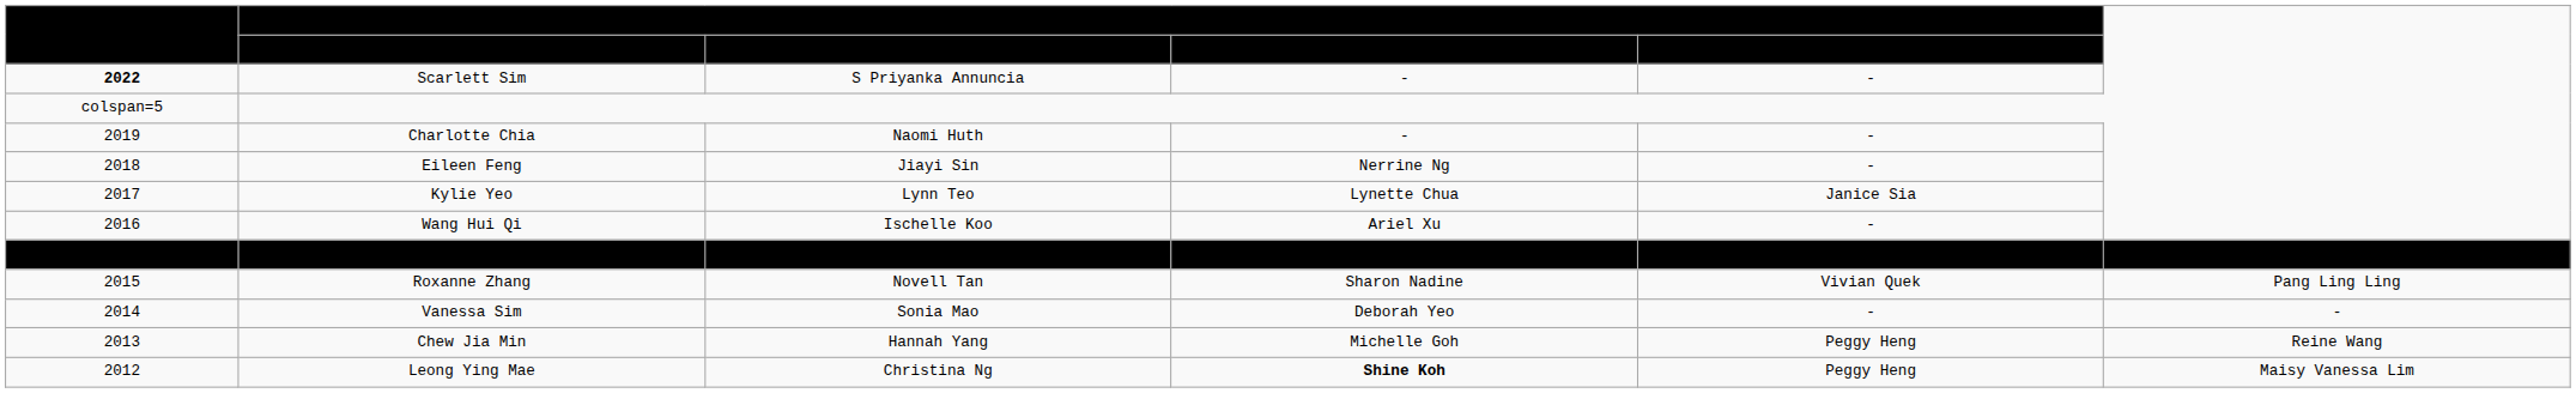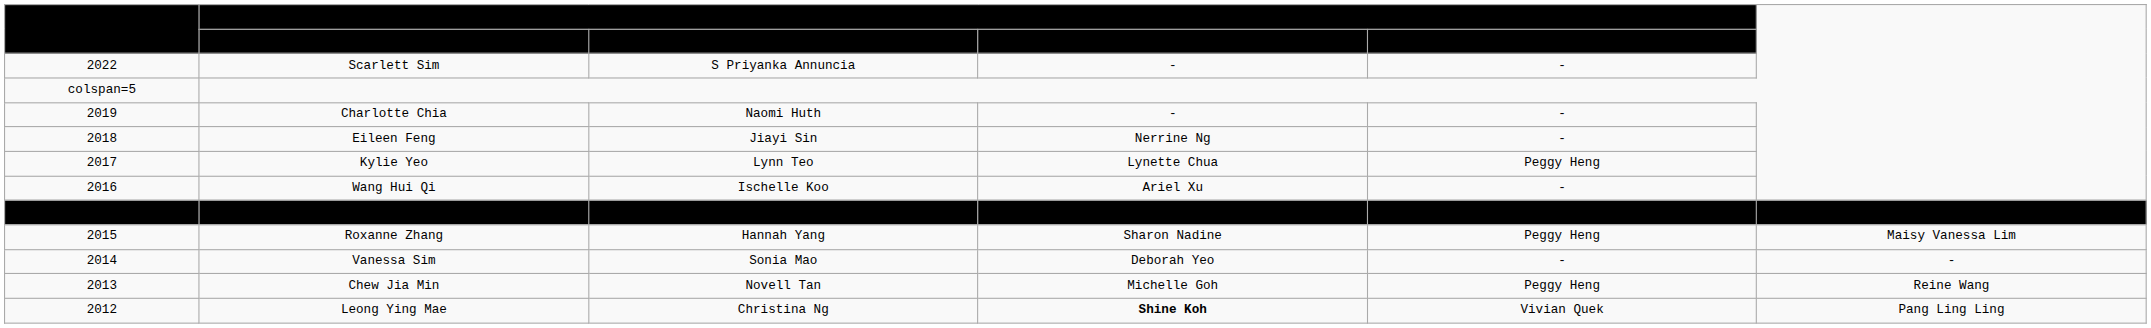 <table class="wikitable" style="text-align:center; font-size:90%; line-height:17px; width:100%;">
 <tr>
 <th style="background:black; width:05%;" scope="col" rowspan="2"><span>Year</span></th>
 <th colspan="4" style="background:black; width:05%;" scope="col"><span>Miss International Singapore Elemental Court Titlists</span></th>
 </tr>
 <tr>
 <th style="background:black; width:10%;" scope="col"><span>International</span></th>
 <th style="background:black; width:10%;" scope="col"><span>Supranational</span></th>
 <th style="background:black; width:9.3%;" scope="col"><span>Asia Pacific International</span></th>
 <th style="background:black; width:9.3%;" scope="col"><span>Tourism Queen of the Year International</span></th>
 </tr>
 <tr>
-<td><strong>2022</strong></td>
+<td>2022</td>
 <td>Scarlett Sim</td>
 <td>S Priyanka Annuncia</td>
 <td>-</td>
 <td>-</td>
 </tr>
 <tr>
 <td>colspan=5 </td>
 </tr>
 <tr>
 <td>2019</td>
 <td>Charlotte Chia</td>
 <td>Naomi Huth</td>
 <td>-</td>
 <td>-</td>
 </tr>
 <tr>
 <td>2018</td>
 <td>Eileen Feng</td>
 <td>Jiayi Sin</td>
 <td>Nerrine Ng</td>
 <td>-</td>
 </tr>
 <tr>
 <td>2017</td>
 <td>Kylie Yeo</td>
 <td>Lynn Teo</td>
 <td>Lynette Chua</td>
-<td>Janice Sia</td>
+<td>Peggy Heng</td>
 </tr>
 <tr>
 <td>2016</td>
 <td>Wang Hui Qi</td>
 <td>Ischelle Koo</td>
 <td>Ariel Xu</td>
 <td>-</td>
 </tr>
 <tr>
 <th style="background:black; width:05%;" scope="col"><span>Year</span></th>
 <th style="background:black; width:10%;" scope="col"><span>International</span></th>
 <th style="background:black; width:10%;" scope="col"><span>First Runner-up</span></th>
 <th style="background:black; width:10%;" scope="col"><span>Second Runner-up</span></th>
 <th style="background:black; width:10%;" scope="col"><span>Third Runner-up</span></th>
 <th style="background:black; width:10%;" scope="col"><span>Fourth Runner-up</span></th>
 </tr>
 <tr>
 <td>2015</td>
 <td>Roxanne Zhang</td>
-<td>Novell Tan</td>
+<td>Hannah Yang</td>
 <td>Sharon Nadine</td>
-<td>Vivian Quek</td>
-<td>Pang Ling Ling</td>
+<td>Peggy Heng</td>
+<td>Maisy Vanessa Lim</td>
 </tr>
 <tr>
 <td>2014</td>
 <td>Vanessa Sim</td>
 <td>Sonia Mao</td>
 <td>Deborah Yeo</td>
 <td>-</td>
 <td>-</td>
 </tr>
 <tr>
 <td>2013</td>
 <td>Chew Jia Min</td>
-<td>Hannah Yang</td>
+<td>Novell Tan</td>
 <td>Michelle Goh</td>
 <td>Peggy Heng</td>
 <td>Reine Wang</td>
 </tr>
 <tr>
 <td>2012</td>
 <td>Leong Ying Mae</td>
 <td>Christina Ng</td>
 <td><strong>Shine Koh</strong></td>
-<td>Peggy Heng</td>
-<td>Maisy Vanessa Lim</td>
+<td>Vivian Quek</td>
+<td>Pang Ling Ling</td>
 </tr>
 </table>
